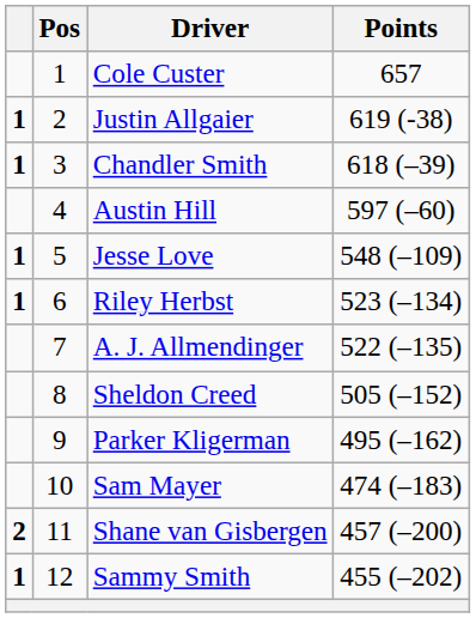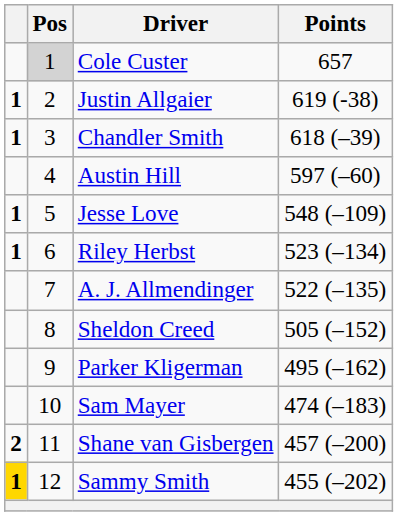 <table class="wikitable" style="font-size: 95%;">
 <tr>
 <th></th>
 <th>Pos</th>
 <th>Driver</th>
 <th>Points</th>
 </tr>
 <tr>
 <td align="left"></td>
-<td style="text-align:center;">1</td>
+<td style="background: lightgrey; text-align:center;">1</td>
 <td><a href='#'>Cole Custer</a></td>
 <td style="text-align:center;">657</td>
 </tr>
 <tr>
 <td align="left"> <strong>1</strong></td>
 <td style="text-align:center;">2</td>
 <td><a href='#'>Justin Allgaier</a></td>
 <td style="text-align:center;">619 (-38)</td>
 </tr>
 <tr>
 <td align="left"> <strong>1</strong></td>
 <td style="text-align:center;">3</td>
 <td><a href='#'>Chandler Smith</a></td>
 <td style="text-align:center;">618 (–39)</td>
 </tr>
 <tr>
 <td align="left"></td>
 <td style="text-align:center;">4</td>
 <td><a href='#'>Austin Hill</a></td>
 <td style="text-align:center;">597 (–60)</td>
 </tr>
 <tr>
 <td align="left"> <strong>1</strong></td>
 <td style="text-align:center;">5</td>
 <td><a href='#'>Jesse Love</a></td>
 <td style="text-align:center;">548 (–109)</td>
 </tr>
 <tr>
 <td align="left"> <strong>1</strong></td>
 <td style="text-align:center;">6</td>
 <td><a href='#'>Riley Herbst</a></td>
 <td style="text-align:center;">523 (–134)</td>
 </tr>
 <tr>
 <td align="left"></td>
 <td style="text-align:center;">7</td>
 <td><a href='#'>A. J. Allmendinger</a></td>
 <td style="text-align:center;">522 (–135)</td>
 </tr>
 <tr>
 <td align="left"></td>
 <td style="text-align:center;">8</td>
 <td><a href='#'>Sheldon Creed</a></td>
 <td style="text-align:center;">505 (–152)</td>
 </tr>
 <tr>
 <td align="left"></td>
 <td style="text-align:center;">9</td>
 <td><a href='#'>Parker Kligerman</a></td>
 <td style="text-align:center;">495 (–162)</td>
 </tr>
 <tr>
 <td align="left"></td>
 <td style="text-align:center;">10</td>
 <td><a href='#'>Sam Mayer</a></td>
 <td style="text-align:center;">474 (–183)</td>
 </tr>
 <tr>
 <td align="left"> <strong>2</strong></td>
 <td style="text-align:center;">11</td>
 <td><a href='#'>Shane van Gisbergen</a></td>
 <td style="text-align:center;">457 (–200)</td>
 </tr>
 <tr>
-<td align="left"> <strong>1</strong></td>
+<td align="left" style="background: gold;"> <strong>1</strong></td>
 <td style="text-align:center;">12</td>
 <td><a href='#'>Sammy Smith</a></td>
 <td style="text-align:center;">455 (–202)</td>
 </tr>
 <tr class="sortbottom">
 <th colspan="9"></th>
 </tr>
 </table>
